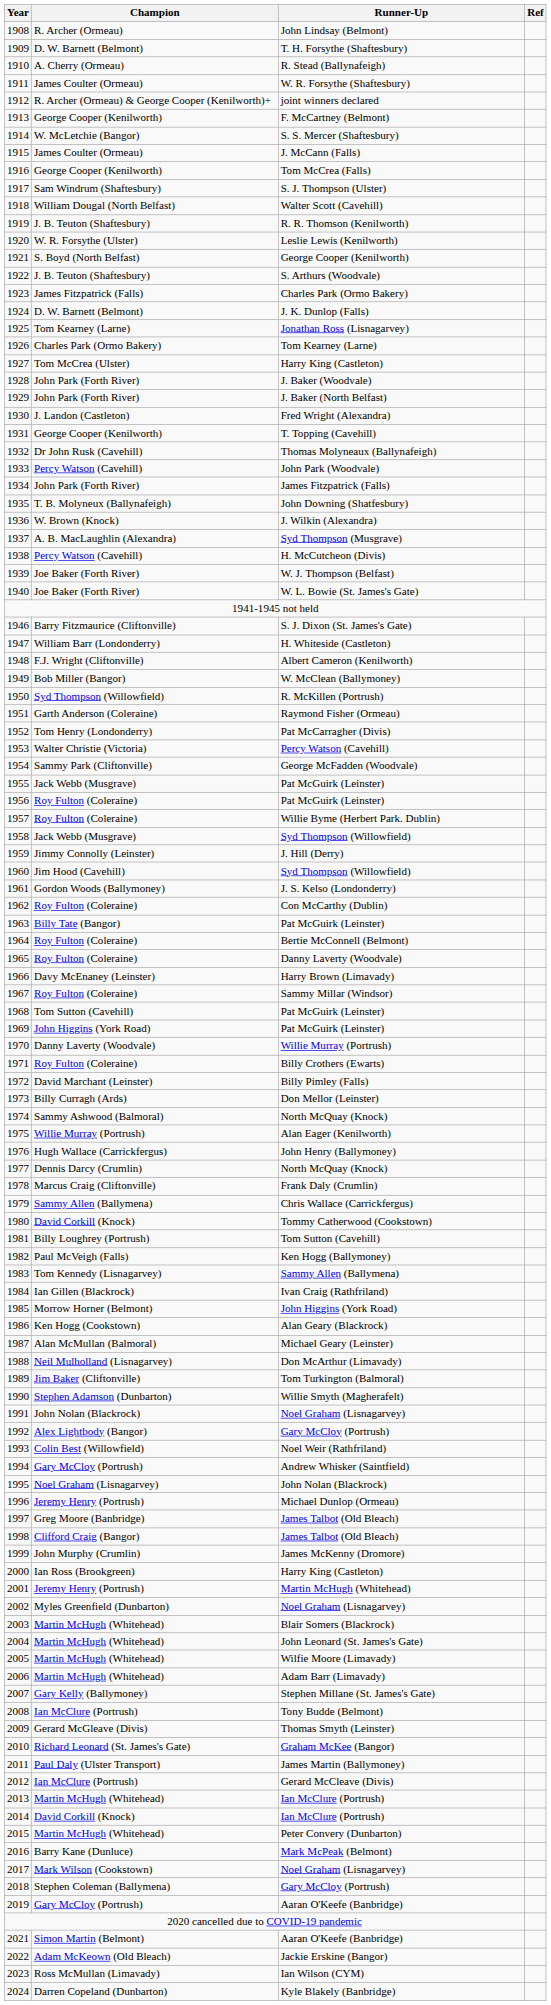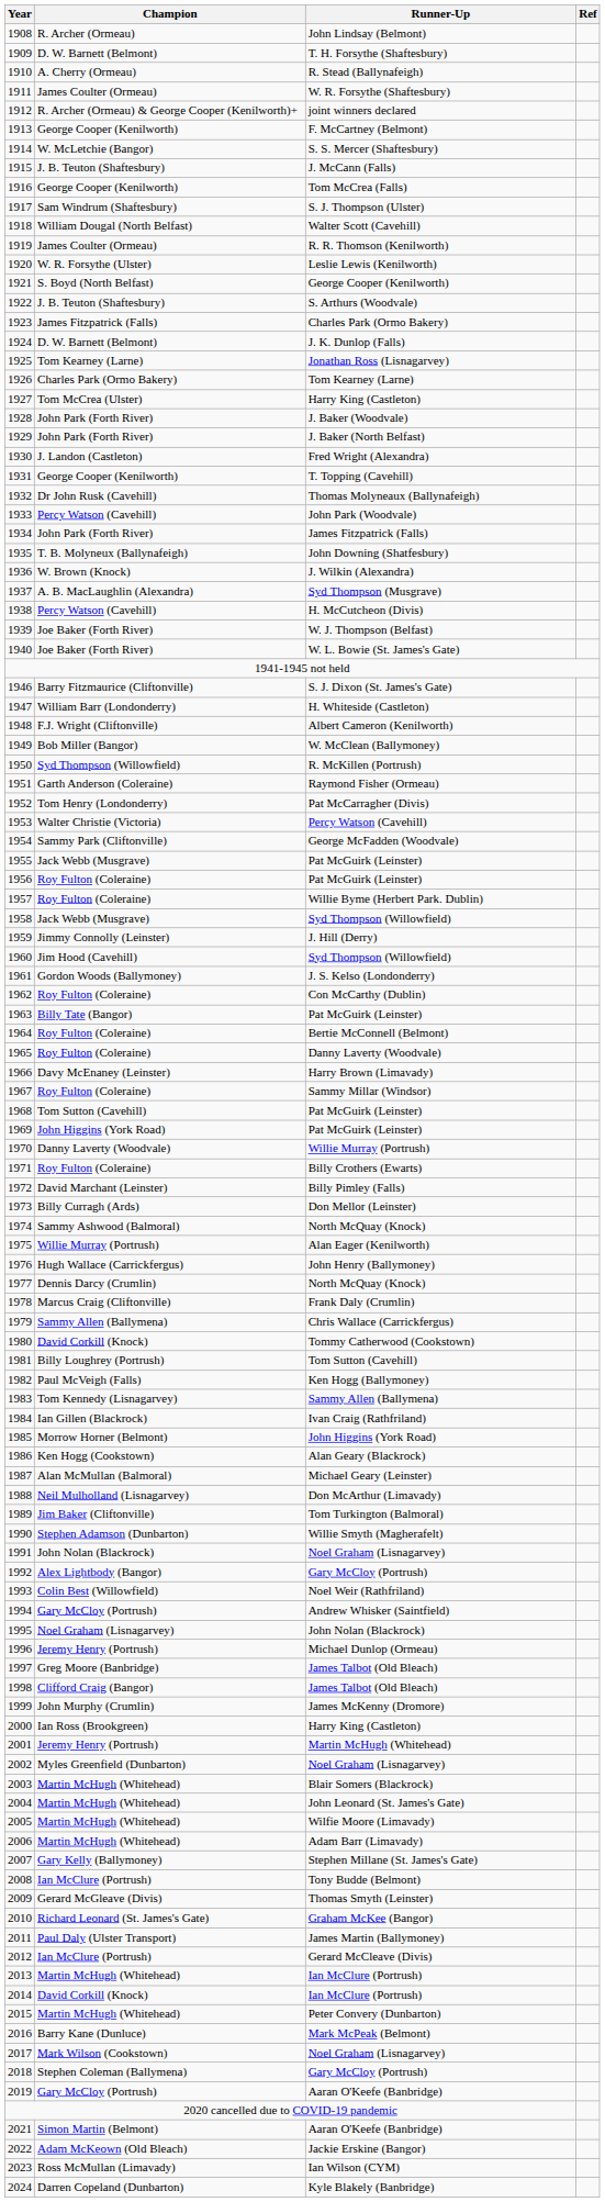 <table class="wikitable">
 <tr>
 <th width="30">Year</th>
 <th width="350">Champion</th>
 <th width="350">Runner-Up</th>
 <th width="20">Ref</th>
 </tr>
 <tr>
 <td>1908</td>
 <td>R. Archer (Ormeau)</td>
 <td>John Lindsay (Belmont)</td>
 <td></td>
 </tr>
 <tr>
 <td>1909</td>
 <td>D. W. Barnett (Belmont)</td>
 <td>T. H. Forsythe (Shaftesbury)</td>
 <td></td>
 </tr>
 <tr>
 <td>1910</td>
 <td>A. Cherry (Ormeau)</td>
 <td>R. Stead (Ballynafeigh)</td>
 <td></td>
 </tr>
 <tr>
 <td align=center>1911</td>
 <td>James Coulter (Ormeau)</td>
 <td>W. R. Forsythe (Shaftesbury)</td>
 <td></td>
 </tr>
 <tr>
 <td align=center>1912</td>
 <td>R. Archer (Ormeau) & George Cooper (Kenilworth)+</td>
 <td>joint winners declared</td>
 <td></td>
 </tr>
 <tr>
 <td align=center>1913</td>
 <td>George Cooper (Kenilworth)</td>
 <td>F. McCartney (Belmont)</td>
 <td></td>
 </tr>
 <tr>
 <td align=center>1914</td>
 <td>W. McLetchie (Bangor)</td>
 <td>S. S. Mercer (Shaftesbury)</td>
 <td></td>
 </tr>
 <tr>
 <td align=center>1915</td>
-<td>James Coulter (Ormeau)</td>
+<td>J. B. Teuton (Shaftesbury)</td>
 <td>J. McCann (Falls)</td>
 <td></td>
 </tr>
 <tr>
 <td align=center>1916</td>
 <td>George Cooper (Kenilworth)</td>
 <td>Tom McCrea (Falls)</td>
 <td></td>
 </tr>
 <tr>
 <td align=center>1917</td>
 <td>Sam Windrum (Shaftesbury)</td>
 <td>S. J. Thompson (Ulster)</td>
 <td></td>
 </tr>
 <tr>
 <td align=center>1918</td>
 <td>William Dougal (North Belfast)</td>
 <td>Walter Scott (Cavehill)</td>
 <td></td>
 </tr>
 <tr>
 <td align=center>1919</td>
-<td>J. B. Teuton (Shaftesbury)</td>
+<td>James Coulter (Ormeau)</td>
 <td>R. R. Thomson (Kenilworth)</td>
 <td></td>
 </tr>
 <tr>
 <td align=center>1920</td>
 <td>W. R. Forsythe (Ulster)</td>
 <td>Leslie Lewis (Kenilworth)</td>
 <td></td>
 </tr>
 <tr>
 <td align=center>1921</td>
 <td>S. Boyd (North Belfast)</td>
 <td>George Cooper (Kenilworth)</td>
 <td></td>
 </tr>
 <tr>
 <td align=center>1922</td>
 <td>J. B. Teuton (Shaftesbury)</td>
 <td>S. Arthurs (Woodvale)</td>
 <td></td>
 </tr>
 <tr>
 <td align=center>1923</td>
 <td>James Fitzpatrick (Falls)</td>
 <td>Charles Park (Ormo Bakery)</td>
 <td></td>
 </tr>
 <tr>
 <td align=center>1924</td>
 <td>D. W. Barnett (Belmont)</td>
 <td>J. K. Dunlop (Falls)</td>
 <td></td>
 </tr>
 <tr>
 <td align=center>1925</td>
 <td>Tom Kearney (Larne)</td>
 <td><a href='#'>Jonathan Ross</a> (Lisnagarvey)</td>
 <td></td>
 </tr>
 <tr>
 <td align=center>1926</td>
 <td>Charles Park (Ormo Bakery)</td>
 <td>Tom Kearney (Larne)</td>
 <td></td>
 </tr>
 <tr>
 <td align=center>1927</td>
 <td>Tom McCrea (Ulster)</td>
 <td>Harry King (Castleton)</td>
 <td></td>
 </tr>
 <tr>
 <td align=center>1928</td>
 <td>John Park (Forth River)</td>
 <td>J. Baker (Woodvale)</td>
 <td></td>
 </tr>
 <tr>
 <td align=center>1929</td>
 <td>John Park (Forth River)</td>
 <td>J. Baker (North Belfast)</td>
 <td></td>
 </tr>
 <tr>
 <td align=center>1930</td>
 <td>J. Landon (Castleton)</td>
 <td>Fred Wright (Alexandra)</td>
 <td></td>
 </tr>
 <tr>
 <td align=center>1931</td>
 <td>George Cooper (Kenilworth)</td>
 <td>T. Topping (Cavehill)</td>
 <td></td>
 </tr>
 <tr>
 <td align=center>1932</td>
 <td>Dr John Rusk (Cavehill)</td>
 <td>Thomas Molyneaux (Ballynafeigh)</td>
 <td></td>
 </tr>
 <tr>
 <td align=center>1933</td>
 <td><a href='#'>Percy Watson</a> (Cavehill)</td>
 <td>John Park (Woodvale)</td>
 <td></td>
 </tr>
 <tr>
 <td align=center>1934</td>
 <td>John Park (Forth River)</td>
 <td>James Fitzpatrick (Falls)</td>
 <td></td>
 </tr>
 <tr>
 <td align=center>1935</td>
 <td>T. B. Molyneux (Ballynafeigh)</td>
 <td>John Downing (Shatfesbury)</td>
 <td></td>
 </tr>
 <tr>
 <td align=center>1936</td>
 <td>W. Brown (Knock)</td>
 <td>J. Wilkin (Alexandra)</td>
 <td></td>
 </tr>
 <tr>
 <td align=center>1937</td>
 <td>A. B. MacLaughlin (Alexandra)</td>
 <td><a href='#'>Syd Thompson</a> (Musgrave)</td>
 <td></td>
 </tr>
 <tr>
 <td align=center>1938</td>
 <td><a href='#'>Percy Watson</a> (Cavehill)</td>
 <td>H. McCutcheon (Divis)</td>
 <td></td>
 </tr>
 <tr>
 <td align=center>1939</td>
 <td>Joe Baker (Forth River)</td>
 <td>W. J. Thompson (Belfast)</td>
 <td></td>
 </tr>
 <tr>
 <td align=center>1940</td>
 <td>Joe Baker (Forth River)</td>
 <td>W. L. Bowie (St. James's Gate)</td>
 <td></td>
 </tr>
 <tr align=center>
 <td colspan=4>1941-1945 not held</td>
 </tr>
 <tr>
 <td align=center>1946</td>
 <td>Barry Fitzmaurice (Cliftonville)</td>
 <td>S. J. Dixon (St. James's Gate)</td>
 <td></td>
 </tr>
 <tr>
 <td align=center>1947</td>
 <td>William Barr (Londonderry)</td>
 <td>H. Whiteside (Castleton)</td>
 <td></td>
 </tr>
 <tr>
 <td align=center>1948</td>
 <td>F.J. Wright (Cliftonville)</td>
 <td>Albert Cameron (Kenilworth)</td>
 <td></td>
 </tr>
 <tr>
 <td align=center>1949</td>
 <td>Bob Miller (Bangor)</td>
 <td>W. McClean (Ballymoney)</td>
 <td></td>
 </tr>
 <tr>
 <td align=center>1950</td>
 <td><a href='#'>Syd Thompson</a> (Willowfield)</td>
 <td>R. McKillen (Portrush)</td>
 <td></td>
 </tr>
 <tr>
 <td align=center>1951</td>
 <td>Garth Anderson (Coleraine)</td>
 <td>Raymond Fisher (Ormeau)</td>
 <td></td>
 </tr>
 <tr>
 <td align=center>1952</td>
 <td>Tom Henry (Londonderry)</td>
 <td>Pat McCarragher (Divis)</td>
 <td></td>
 </tr>
 <tr>
 <td align=center>1953</td>
 <td>Walter Christie (Victoria)</td>
 <td><a href='#'>Percy Watson</a> (Cavehill)</td>
 <td></td>
 </tr>
 <tr>
 <td align=center>1954</td>
 <td>Sammy Park (Cliftonville)</td>
 <td>George McFadden (Woodvale)</td>
 <td></td>
 </tr>
 <tr>
 <td align=center>1955</td>
 <td>Jack Webb (Musgrave)</td>
 <td>Pat McGuirk (Leinster)</td>
 <td></td>
 </tr>
 <tr>
 <td align=center>1956</td>
 <td><a href='#'>Roy Fulton</a> (Coleraine)</td>
 <td>Pat McGuirk (Leinster)</td>
 <td></td>
 </tr>
 <tr>
 <td align=center>1957</td>
 <td><a href='#'>Roy Fulton</a> (Coleraine)</td>
 <td>Willie Byme (Herbert Park. Dublin)</td>
 <td></td>
 </tr>
 <tr>
 <td align=center>1958</td>
 <td>Jack Webb (Musgrave)</td>
 <td><a href='#'>Syd Thompson</a> (Willowfield)</td>
 <td></td>
 </tr>
 <tr>
 <td align=center>1959</td>
 <td>Jimmy Connolly (Leinster)</td>
 <td>J. Hill (Derry)</td>
 <td></td>
 </tr>
 <tr>
 <td align=center>1960</td>
 <td>Jim Hood (Cavehill)</td>
 <td><a href='#'>Syd Thompson</a> (Willowfield)</td>
 <td></td>
 </tr>
 <tr>
 <td align=center>1961</td>
 <td>Gordon Woods (Ballymoney)</td>
 <td>J. S. Kelso (Londonderry)</td>
 <td></td>
 </tr>
 <tr>
 <td align=center>1962</td>
 <td><a href='#'>Roy Fulton</a> (Coleraine)</td>
 <td>Con McCarthy (Dublin)</td>
 <td></td>
 </tr>
 <tr>
 <td align=center>1963</td>
 <td><a href='#'>Billy Tate</a> (Bangor)</td>
 <td>Pat McGuirk (Leinster)</td>
 <td></td>
 </tr>
 <tr>
 <td align=center>1964</td>
 <td><a href='#'>Roy Fulton</a> (Coleraine)</td>
 <td>Bertie McConnell (Belmont)</td>
 <td></td>
 </tr>
 <tr>
 <td align=center>1965</td>
 <td><a href='#'>Roy Fulton</a> (Coleraine)</td>
 <td>Danny Laverty (Woodvale)</td>
 <td></td>
 </tr>
 <tr>
 <td align=center>1966</td>
 <td>Davy McEnaney (Leinster)</td>
 <td>Harry Brown (Limavady)</td>
 <td></td>
 </tr>
 <tr>
 <td align=center>1967</td>
 <td><a href='#'>Roy Fulton</a> (Coleraine)</td>
 <td>Sammy Millar (Windsor)</td>
 <td></td>
 </tr>
 <tr>
 <td align=center>1968</td>
 <td>Tom Sutton (Cavehill)</td>
 <td>Pat McGuirk (Leinster)</td>
 <td></td>
 </tr>
 <tr>
 <td align=center>1969</td>
 <td><a href='#'>John Higgins</a> (York Road)</td>
 <td>Pat McGuirk (Leinster)</td>
 <td></td>
 </tr>
 <tr>
 <td align=center>1970</td>
 <td>Danny Laverty (Woodvale)</td>
 <td><a href='#'>Willie Murray</a> (Portrush)</td>
 <td></td>
 </tr>
 <tr>
 <td align=center>1971</td>
 <td><a href='#'>Roy Fulton</a> (Coleraine)</td>
 <td>Billy Crothers (Ewarts)</td>
 <td></td>
 </tr>
 <tr>
 <td align=center>1972</td>
 <td>David Marchant (Leinster)</td>
 <td>Billy Pimley (Falls)</td>
 <td></td>
 </tr>
 <tr>
 <td align=center>1973</td>
 <td>Billy Curragh (Ards)</td>
 <td>Don Mellor (Leinster)</td>
 <td></td>
 </tr>
 <tr>
 <td align=center>1974</td>
 <td>Sammy Ashwood (Balmoral)</td>
 <td>North McQuay (Knock)</td>
 <td></td>
 </tr>
 <tr>
 <td align=center>1975</td>
 <td><a href='#'>Willie Murray</a> (Portrush)</td>
 <td>Alan Eager (Kenilworth)</td>
 <td></td>
 </tr>
 <tr>
 <td align=center>1976</td>
 <td>Hugh Wallace (Carrickfergus)</td>
 <td>John Henry (Ballymoney)</td>
 <td></td>
 </tr>
 <tr>
 <td align=center>1977</td>
 <td>Dennis Darcy (Crumlin)</td>
 <td>North McQuay (Knock)</td>
 <td></td>
 </tr>
 <tr>
 <td align=center>1978</td>
 <td>Marcus Craig (Cliftonville)</td>
 <td>Frank Daly (Crumlin)</td>
 <td></td>
 </tr>
 <tr>
 <td align=center>1979</td>
 <td><a href='#'>Sammy Allen</a> (Ballymena)</td>
 <td>Chris Wallace (Carrickfergus)</td>
 <td></td>
 </tr>
 <tr>
 <td align=center>1980</td>
 <td><a href='#'>David Corkill</a> (Knock)</td>
 <td>Tommy Catherwood (Cookstown)</td>
 <td></td>
 </tr>
 <tr>
 <td align=center>1981</td>
 <td>Billy Loughrey (Portrush)</td>
 <td>Tom Sutton (Cavehill)</td>
 <td></td>
 </tr>
 <tr>
 <td align=center>1982</td>
 <td>Paul McVeigh (Falls)</td>
 <td>Ken Hogg (Ballymoney)</td>
 <td></td>
 </tr>
 <tr>
 <td align=center>1983</td>
 <td>Tom Kennedy (Lisnagarvey)</td>
 <td><a href='#'>Sammy Allen</a> (Ballymena)</td>
 <td></td>
 </tr>
 <tr>
 <td align=center>1984</td>
 <td>Ian Gillen (Blackrock)</td>
 <td>Ivan Craig (Rathfriland)</td>
 <td></td>
 </tr>
 <tr>
 <td align=center>1985</td>
 <td>Morrow Horner (Belmont)</td>
 <td><a href='#'>John Higgins</a> (York Road)</td>
 <td></td>
 </tr>
 <tr>
 <td align=center>1986</td>
 <td>Ken Hogg (Cookstown)</td>
 <td>Alan Geary (Blackrock)</td>
 <td></td>
 </tr>
 <tr>
 <td align=center>1987</td>
 <td>Alan McMullan (Balmoral)</td>
 <td>Michael Geary (Leinster)</td>
 <td></td>
 </tr>
 <tr>
 <td align=center>1988</td>
 <td><a href='#'>Neil Mulholland</a> (Lisnagarvey)</td>
 <td>Don McArthur (Limavady)</td>
 <td></td>
 </tr>
 <tr>
 <td align=center>1989</td>
 <td><a href='#'>Jim Baker</a> (Cliftonville)</td>
 <td>Tom Turkington (Balmoral)</td>
 <td></td>
 </tr>
 <tr>
 <td align=center>1990</td>
 <td><a href='#'>Stephen Adamson</a> (Dunbarton)</td>
 <td>Willie Smyth (Magherafelt)</td>
 <td></td>
 </tr>
 <tr>
 <td align=center>1991</td>
 <td>John Nolan (Blackrock)</td>
 <td><a href='#'>Noel Graham</a> (Lisnagarvey)</td>
 <td></td>
 </tr>
 <tr>
 <td align=center>1992</td>
 <td><a href='#'>Alex Lightbody</a> (Bangor)</td>
 <td><a href='#'>Gary McCloy</a> (Portrush)</td>
 <td></td>
 </tr>
 <tr>
 <td align=center>1993</td>
 <td><a href='#'>Colin Best</a> (Willowfield)</td>
 <td>Noel Weir (Rathfriland)</td>
 <td></td>
 </tr>
 <tr>
 <td align=center>1994</td>
 <td><a href='#'>Gary McCloy</a> (Portrush)</td>
 <td>Andrew Whisker (Saintfield)</td>
 <td></td>
 </tr>
 <tr>
 <td align=center>1995</td>
 <td><a href='#'>Noel Graham</a> (Lisnagarvey)</td>
 <td>John Nolan (Blackrock)</td>
 <td></td>
 </tr>
 <tr>
 <td align=center>1996</td>
 <td><a href='#'>Jeremy Henry</a> (Portrush)</td>
 <td>Michael Dunlop (Ormeau)</td>
 <td></td>
 </tr>
 <tr>
 <td align=center>1997</td>
 <td>Greg Moore (Banbridge)</td>
 <td><a href='#'>James Talbot</a> (Old Bleach)</td>
 <td></td>
 </tr>
 <tr>
 <td align=center>1998</td>
 <td><a href='#'>Clifford Craig</a> (Bangor)</td>
 <td><a href='#'>James Talbot</a> (Old Bleach)</td>
 <td></td>
 </tr>
 <tr>
 <td align=center>1999</td>
 <td>John Murphy (Crumlin)</td>
 <td>James McKenny (Dromore)</td>
 <td></td>
 </tr>
 <tr>
 <td align=center>2000</td>
 <td>Ian Ross (Brookgreen)</td>
 <td>Harry King (Castleton)</td>
 <td></td>
 </tr>
 <tr>
 <td align=center>2001</td>
 <td><a href='#'>Jeremy Henry</a> (Portrush)</td>
 <td><a href='#'>Martin McHugh</a> (Whitehead)</td>
 <td></td>
 </tr>
 <tr>
 <td align=center>2002</td>
 <td>Myles Greenfield (Dunbarton)</td>
 <td><a href='#'>Noel Graham</a> (Lisnagarvey)</td>
 <td></td>
 </tr>
 <tr>
 <td align=center>2003</td>
 <td><a href='#'>Martin McHugh</a> (Whitehead)</td>
 <td>Blair Somers (Blackrock)</td>
 <td></td>
 </tr>
 <tr>
 <td align=center>2004</td>
 <td><a href='#'>Martin McHugh</a> (Whitehead)</td>
 <td>John Leonard (St. James's Gate)</td>
 <td></td>
 </tr>
 <tr>
 <td align=center>2005</td>
 <td><a href='#'>Martin McHugh</a> (Whitehead)</td>
 <td>Wilfie Moore (Limavady)</td>
 <td></td>
 </tr>
 <tr>
 <td align=center>2006</td>
 <td><a href='#'>Martin McHugh</a> (Whitehead)</td>
 <td>Adam Barr (Limavady)</td>
 <td></td>
 </tr>
 <tr>
 <td align=center>2007</td>
 <td><a href='#'>Gary Kelly</a> (Ballymoney)</td>
 <td>Stephen Millane (St. James's Gate)</td>
 <td></td>
 </tr>
 <tr>
 <td align=center>2008</td>
 <td><a href='#'>Ian McClure</a> (Portrush)</td>
 <td>Tony Budde (Belmont)</td>
 <td></td>
 </tr>
 <tr>
 <td align=center>2009</td>
 <td>Gerard McGleave (Divis)</td>
 <td>Thomas Smyth (Leinster)</td>
 <td></td>
 </tr>
 <tr>
 <td align=center>2010</td>
 <td><a href='#'>Richard Leonard</a> (St. James's Gate)</td>
 <td><a href='#'>Graham McKee</a> (Bangor)</td>
 <td></td>
 </tr>
 <tr>
 <td align=center>2011</td>
 <td><a href='#'>Paul Daly</a> (Ulster Transport)</td>
 <td>James Martin (Ballymoney)</td>
 <td></td>
 </tr>
 <tr>
 <td align=center>2012</td>
 <td><a href='#'>Ian McClure</a> (Portrush)</td>
 <td>Gerard McCleave (Divis)</td>
 <td></td>
 </tr>
 <tr>
 <td align=center>2013</td>
 <td><a href='#'>Martin McHugh</a> (Whitehead)</td>
 <td><a href='#'>Ian McClure</a> (Portrush)</td>
 <td></td>
 </tr>
 <tr>
 <td align=center>2014</td>
 <td><a href='#'>David Corkill</a> (Knock)</td>
 <td><a href='#'>Ian McClure</a> (Portrush)</td>
 <td></td>
 </tr>
 <tr>
 <td align=center>2015</td>
 <td><a href='#'>Martin McHugh</a> (Whitehead)</td>
 <td>Peter Convery (Dunbarton)</td>
 <td></td>
 </tr>
 <tr>
 <td align=center>2016</td>
 <td>Barry Kane (Dunluce)</td>
 <td><a href='#'>Mark McPeak</a> (Belmont)</td>
 <td></td>
 </tr>
 <tr>
 <td align=center>2017</td>
 <td><a href='#'>Mark Wilson</a> (Cookstown)</td>
 <td><a href='#'>Noel Graham</a> (Lisnagarvey)</td>
 <td></td>
 </tr>
 <tr>
 <td align=center>2018</td>
 <td>Stephen Coleman (Ballymena)</td>
 <td><a href='#'>Gary McCloy</a> (Portrush)</td>
 <td></td>
 </tr>
 <tr>
 <td align=center>2019</td>
 <td><a href='#'>Gary McCloy</a> (Portrush)</td>
 <td>Aaran O'Keefe (Banbridge)</td>
 <td></td>
 </tr>
 <tr align=center>
 <td colspan=3>2020 cancelled due to  <a href='#'>COVID-19 pandemic</a></td>
 <td align=left></td>
 </tr>
 <tr>
 <td>2021</td>
 <td><a href='#'>Simon Martin</a> (Belmont)</td>
 <td>Aaran O'Keefe (Banbridge)</td>
 <td></td>
 </tr>
 <tr>
 <td>2022</td>
 <td><a href='#'>Adam McKeown</a> (Old Bleach)</td>
 <td>Jackie Erskine (Bangor)</td>
 <td></td>
 </tr>
 <tr>
 <td>2023</td>
 <td>Ross McMullan (Limavady)</td>
 <td>Ian Wilson (CYM)</td>
 <td></td>
 </tr>
 <tr>
 <td>2024</td>
 <td>Darren Copeland (Dunbarton)</td>
 <td>Kyle Blakely (Banbridge)</td>
 <td></td>
 </tr>
 </table>
